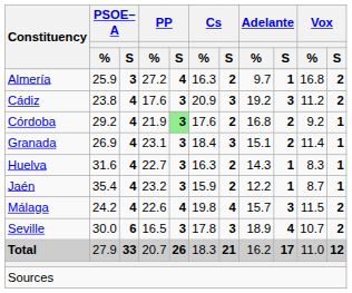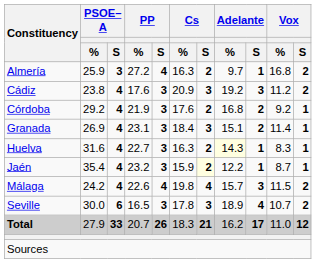 <table class="wikitable sortable" style="text-align:right; line-height:20px;">
 <tr>
 <th rowspan="3">Constituency</th>
 <th colspan="2" width="30px" class="unsortable"><a href='#'>PSOE–A</a></th>
 <th colspan="2" width="30px" class="unsortable"><a href='#'>PP</a></th>
 <th colspan="2" width="30px" class="unsortable"><a href='#'>Cs</a></th>
 <th colspan="2" width="30px" class="unsortable"><a href='#'>Adelante</a></th>
 <th colspan="2" width="30px" class="unsortable"><a href='#'>Vox</a></th>
 </tr>
 <tr>
 <th colspan="2" style="background:"></th>
 <th colspan="2" style="background:"></th>
 <th colspan="2" style="background:"></th>
 <th colspan="2" style="background:"></th>
 <th colspan="2" style="background:"></th>
 </tr>
 <tr>
 <th data-sort-type="number">%</th>
 <th data-sort-type="number">S</th>
 <th data-sort-type="number">%</th>
 <th data-sort-type="number">S</th>
 <th data-sort-type="number">%</th>
 <th data-sort-type="number">S</th>
 <th data-sort-type="number">%</th>
 <th data-sort-type="number">S</th>
 <th data-sort-type="number">%</th>
 <th data-sort-type="number">S</th>
 </tr>
 <tr>
 <td align="left"><a href='#'>Almería</a></td>
 <td>25.9</td>
 <td><strong>3</strong></td>
 <td style="background:">27.2</td>
 <td><strong>4</strong></td>
 <td>16.3</td>
 <td><strong>2</strong></td>
 <td>9.7</td>
 <td><strong>1</strong></td>
 <td>16.8</td>
 <td><strong>2</strong></td>
 </tr>
 <tr>
 <td align="left"><a href='#'>Cádiz</a></td>
 <td style="background:">23.8</td>
 <td><strong>4</strong></td>
 <td>17.6</td>
 <td><strong>3</strong></td>
 <td>20.9</td>
 <td><strong>3</strong></td>
 <td>19.2</td>
 <td><strong>3</strong></td>
 <td>11.2</td>
 <td><strong>2</strong></td>
 </tr>
 <tr>
 <td align="left"><a href='#'>Córdoba</a></td>
 <td style="background:">29.2</td>
 <td><strong>4</strong></td>
 <td>21.9</td>
-<td style="background: lightgreen;"><strong>3</strong></td>
+<td><strong>3</strong></td>
 <td>17.6</td>
 <td><strong>2</strong></td>
 <td>16.8</td>
 <td><strong>2</strong></td>
 <td>9.2</td>
 <td><strong>1</strong></td>
 </tr>
 <tr>
 <td align="left"><a href='#'>Granada</a></td>
 <td style="background:">26.9</td>
 <td><strong>4</strong></td>
 <td>23.1</td>
 <td><strong>3</strong></td>
 <td>18.4</td>
 <td><strong>3</strong></td>
 <td>15.1</td>
 <td><strong>2</strong></td>
 <td>11.4</td>
 <td><strong>1</strong></td>
 </tr>
 <tr>
 <td align="left"><a href='#'>Huelva</a></td>
 <td style="background:">31.6</td>
 <td><strong>4</strong></td>
 <td>22.7</td>
 <td><strong>3</strong></td>
 <td>16.3</td>
 <td><strong>2</strong></td>
-<td>14.3</td>
+<td style="background: lightyellow;">14.3</td>
 <td><strong>1</strong></td>
 <td>8.3</td>
 <td><strong>1</strong></td>
 </tr>
 <tr>
 <td align="left"><a href='#'>Jaén</a></td>
 <td style="background:">35.4</td>
 <td><strong>4</strong></td>
 <td>23.2</td>
 <td><strong>3</strong></td>
 <td>15.9</td>
-<td><strong>2</strong></td>
+<td style="background: lightyellow;"><strong>2</strong></td>
 <td>12.2</td>
 <td><strong>1</strong></td>
 <td>8.7</td>
 <td><strong>1</strong></td>
 </tr>
 <tr>
 <td align="left"><a href='#'>Málaga</a></td>
 <td style="background:">24.2</td>
 <td><strong>4</strong></td>
 <td>22.6</td>
 <td><strong>4</strong></td>
 <td>19.8</td>
 <td><strong>4</strong></td>
 <td>15.7</td>
 <td><strong>3</strong></td>
 <td>11.5</td>
 <td><strong>2</strong></td>
 </tr>
 <tr>
 <td align="left"><a href='#'>Seville</a></td>
 <td style="background:">30.0</td>
 <td><strong>6</strong></td>
 <td>16.5</td>
 <td><strong>3</strong></td>
 <td>17.8</td>
 <td><strong>3</strong></td>
 <td>18.9</td>
 <td><strong>4</strong></td>
 <td>10.7</td>
 <td><strong>2</strong></td>
 </tr>
 <tr style="background:#CDCDCD;">
 <td align="left"><strong>Total</strong></td>
 <td style="background:">27.9</td>
 <td><strong>33</strong></td>
 <td>20.7</td>
 <td><strong>26</strong></td>
 <td>18.3</td>
 <td><strong>21</strong></td>
 <td>16.2</td>
 <td><strong>17</strong></td>
 <td>11.0</td>
 <td><strong>12</strong></td>
 </tr>
 <tr>
 <th colspan="11"></th>
 </tr>
 <tr>
 <th style="text-align:left; font-weight:normal; background:#F9F9F9" colspan="11">Sources</th>
 </tr>
 </table>
